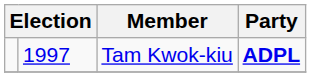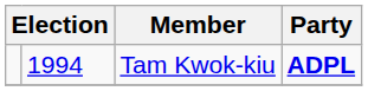 <table class="wikitable">
 <tr>
 <th colspan="2">Election</th>
 <th>Member</th>
 <th>Party</th>
 </tr>
 <tr>
 <td style="background-color: "></td>
-<td><a href='#'>1997</a></td>
+<td><a href='#'>1994</a></td>
 <td><a href='#'>Tam Kwok-kiu</a></td>
 <td><strong><a href='#'>ADPL</a></strong></td>
 </tr>
 <tr>
 </tr>
 </table>
